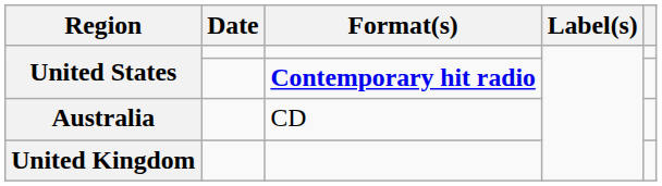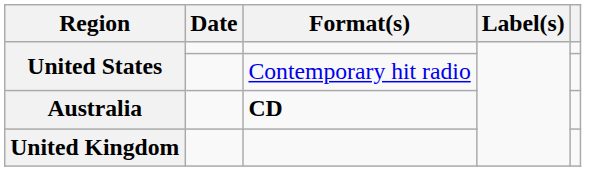 <table class="wikitable plainrowheaders">
 <tr>
 <th scope="col">Region</th>
 <th scope="col">Date</th>
 <th scope="col">Format(s)</th>
 <th scope="col">Label(s)</th>
 <th scope="col"></th>
 </tr>
 <tr>
 <th scope="row" rowspan="2">United States</th>
 <td></td>
 <td></td>
 <td rowspan="4"></td>
 <td></td>
 </tr>
 <tr>
 <td></td>
-<td><strong><a href='#'>Contemporary hit radio</a></strong></td>
+<td><a href='#'>Contemporary hit radio</a></td>
 <td></td>
 </tr>
 <tr>
 <th scope="row">Australia</th>
 <td></td>
-<td>CD</td>
+<td><strong>CD</strong></td>
 <td></td>
 </tr>
 <tr>
 <th scope="row">United Kingdom</th>
 <td></td>
 <td></td>
 <td></td>
 </tr>
 </table>
